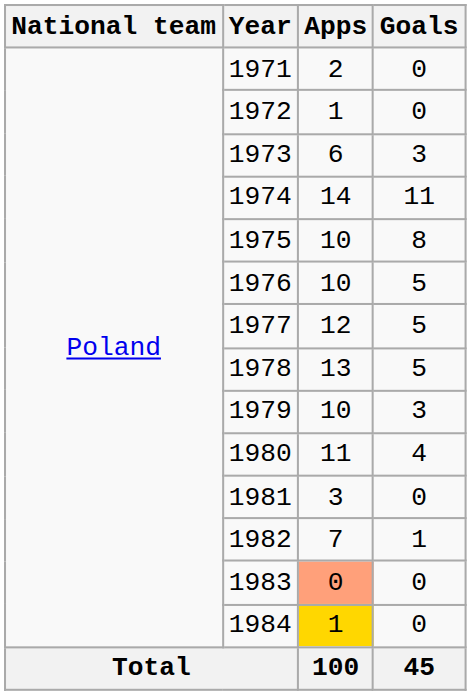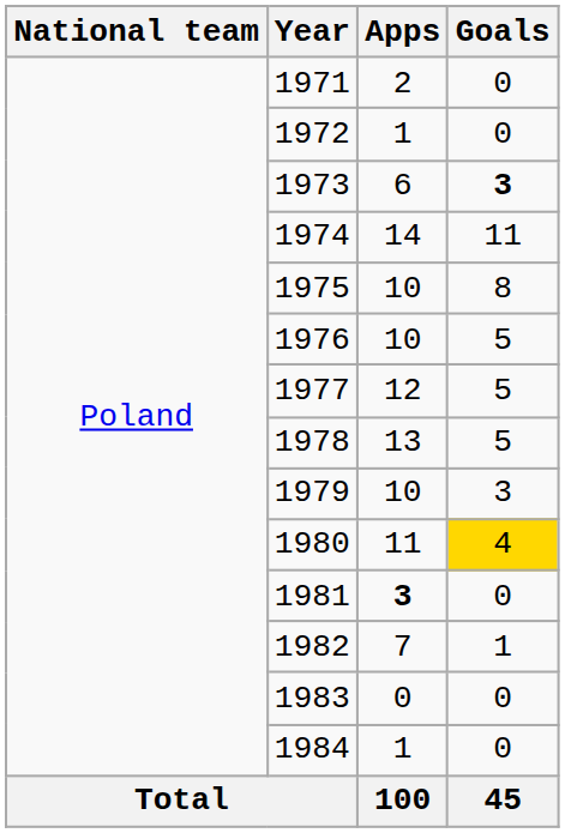 <table class="wikitable" style="text-align:center">
 <tr>
 <th>National team</th>
 <th>Year</th>
 <th>Apps</th>
 <th>Goals</th>
 </tr>
 <tr>
 <td rowspan="14"><a href='#'>Poland</a></td>
 <td>1971</td>
 <td>2</td>
 <td>0</td>
 </tr>
 <tr>
 <td>1972</td>
 <td>1</td>
 <td>0</td>
 </tr>
 <tr>
 <td>1973</td>
 <td>6</td>
-<td>3</td>
+<td><strong>3</strong></td>
 </tr>
 <tr>
 <td>1974</td>
 <td>14</td>
 <td>11</td>
 </tr>
 <tr>
 <td>1975</td>
 <td>10</td>
 <td>8</td>
 </tr>
 <tr>
 <td>1976</td>
 <td>10</td>
 <td>5</td>
 </tr>
 <tr>
 <td>1977</td>
 <td>12</td>
 <td>5</td>
 </tr>
 <tr>
 <td>1978</td>
 <td>13</td>
 <td>5</td>
 </tr>
 <tr>
 <td>1979</td>
 <td>10</td>
 <td>3</td>
 </tr>
 <tr>
 <td>1980</td>
 <td>11</td>
-<td>4</td>
+<td style="background: gold;">4</td>
 </tr>
 <tr>
 <td>1981</td>
-<td>3</td>
+<td><strong>3</strong></td>
 <td>0</td>
 </tr>
 <tr>
 <td>1982</td>
 <td>7</td>
 <td>1</td>
 </tr>
 <tr>
 <td>1983</td>
-<td style="background: lightsalmon;">0</td>
+<td>0</td>
 <td>0</td>
 </tr>
 <tr>
 <td>1984</td>
-<td style="background: gold;">1</td>
+<td>1</td>
 <td>0</td>
 </tr>
 <tr>
 <th colspan="2">Total</th>
 <th>100</th>
 <th>45</th>
 </tr>
 </table>
